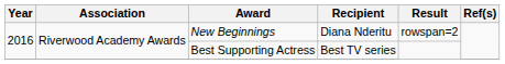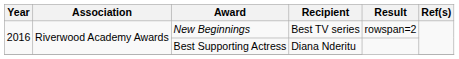 <table class="wikitable sortable">
 <tr>
 <th>Year</th>
 <th>Association</th>
 <th>Award</th>
 <th>Recipient</th>
 <th>Result</th>
 <th>Ref(s)</th>
 </tr>
 <tr>
 <td rowspan=2>2016</td>
 <td rowspan=2>Riverwood Academy Awards</td>
 <td><em>New Beginnings</em></td>
-<td>Diana Nderitu</td>
+<td>Best TV series</td>
 <td>rowspan=2 </td>
 <td rowspan=2></td>
 </tr>
 <tr>
 <td>Best Supporting Actress</td>
-<td>Best TV series</td>
+<td>Diana Nderitu</td>
 </tr>
 <tr>
 </tr>
 </table>
